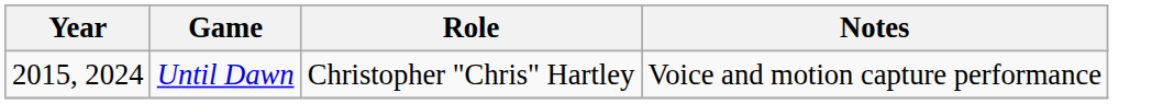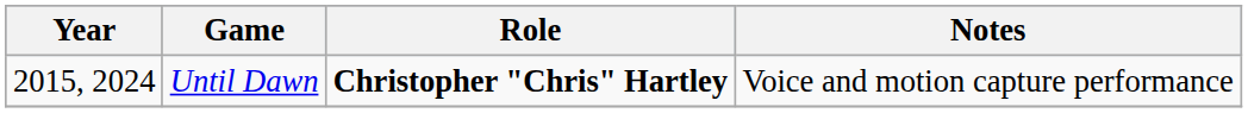 <table class="wikitable sortable">
 <tr style="background:#b0c4de; text-align:center;">
 <th>Year</th>
 <th>Game</th>
 <th>Role</th>
 <th class="unsortable">Notes</th>
 </tr>
 <tr>
 <td>2015, 2024</td>
 <td><em><a href='#'>Until Dawn</a></em></td>
-<td>Christopher "Chris" Hartley</td>
+<td><strong>Christopher "Chris" Hartley</strong></td>
 <td>Voice and motion capture performance</td>
 </tr>
 <tr>
 </tr>
 </table>
